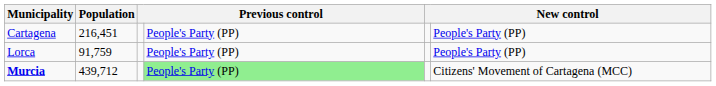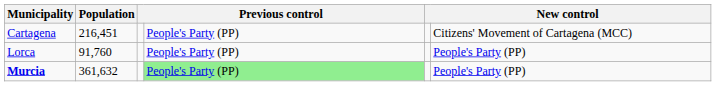 <table class="wikitable sortable">
 <tr>
 <th>Municipality</th>
 <th>Population</th>
 <th colspan="2" style="width:375px;">Previous control</th>
 <th colspan="2" style="width:375px;">New control</th>
 </tr>
 <tr>
 <td><a href='#'>Cartagena</a></td>
 <td>216,451</td>
 <td width="1" style="color:inherit;background:"></td>
 <td><a href='#'>People's Party</a> (PP)</td>
 <td width="1" style="color:inherit;background:"></td>
-<td><a href='#'>People's Party</a> (PP)</td>
+<td>Citizens' Movement of Cartagena (MCC) </td>
 </tr>
 <tr>
 <td><a href='#'>Lorca</a></td>
-<td>91,759</td>
+<td>91,760</td>
 <td style="color:inherit;background:"></td>
 <td><a href='#'>People's Party</a> (PP)</td>
 <td style="color:inherit;background:"></td>
 <td><a href='#'>People's Party</a> (PP)</td>
 </tr>
 <tr>
 <td><strong><a href='#'>Murcia</a></strong></td>
-<td>439,712</td>
+<td>361,632</td>
 <td style="color:inherit;background:"></td>
 <td style="background: lightgreen;"><a href='#'>People's Party</a> (PP)</td>
 <td style="color:inherit;background:"></td>
-<td>Citizens' Movement of Cartagena (MCC) </td>
+<td><a href='#'>People's Party</a> (PP)</td>
 </tr>
 </table>
